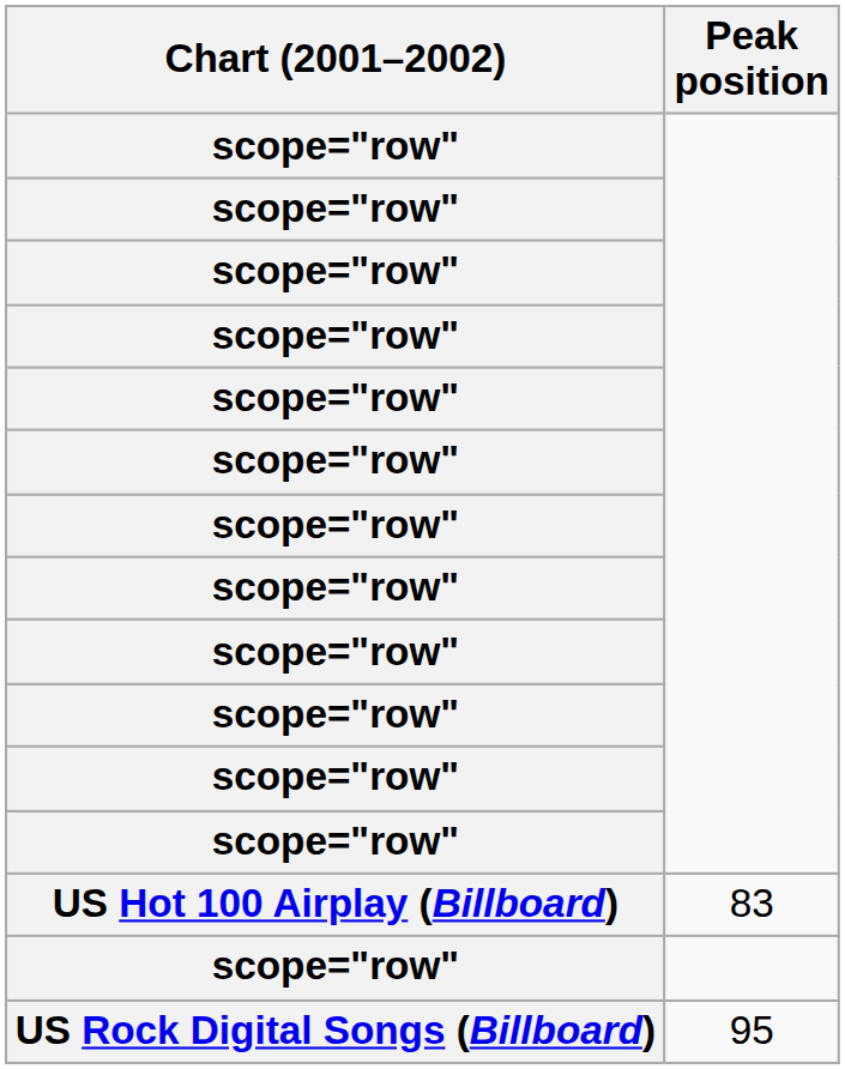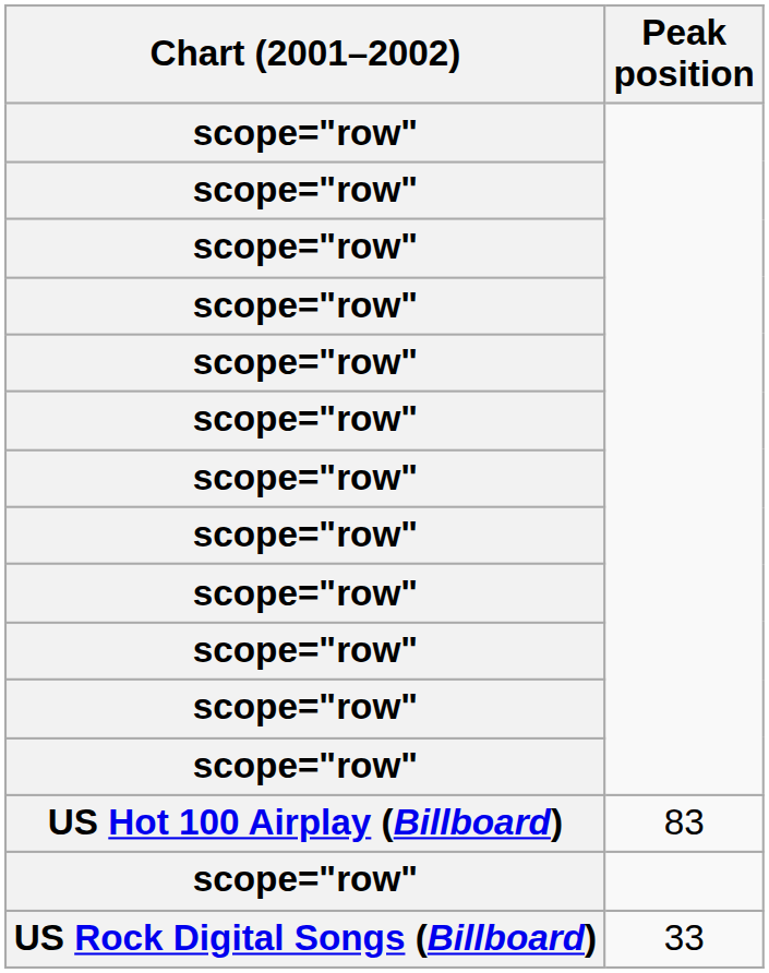 <table class="wikitable sortable plainrowheaders" style="text-align:center;">
 <tr>
 <th scope="col">Chart (2001–2002)</th>
 <th scope="col">Peak<br>position</th>
 </tr>
 <tr>
 <th>scope="row"</th>
 </tr>
 <tr>
 <th>scope="row"</th>
 </tr>
 <tr>
 <th>scope="row"</th>
 </tr>
 <tr>
 <th>scope="row"</th>
 </tr>
 <tr>
 <th>scope="row"</th>
 </tr>
 <tr>
 <th>scope="row"</th>
 </tr>
 <tr>
 <th>scope="row"</th>
 </tr>
 <tr>
 <th>scope="row"</th>
 </tr>
 <tr>
 <th>scope="row"</th>
 </tr>
 <tr>
 <th>scope="row"</th>
 </tr>
 <tr>
 <th>scope="row"</th>
 </tr>
 <tr>
 <th>scope="row"</th>
 </tr>
 <tr>
 <th scope="row">US <a href='#'>Hot 100 Airplay</a> (<em><a href='#'>Billboard</a></em>)</th>
 <td>83</td>
 </tr>
 <tr>
 <th>scope="row"</th>
 </tr>
 <tr>
 <th scope="row">US <a href='#'>Rock Digital Songs</a> (<em><a href='#'>Billboard</a></em>)</th>
-<td>95</td>
+<td>33</td>
 </tr>
 </table>
